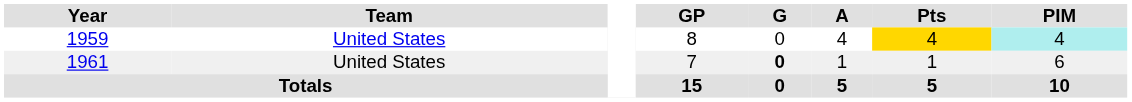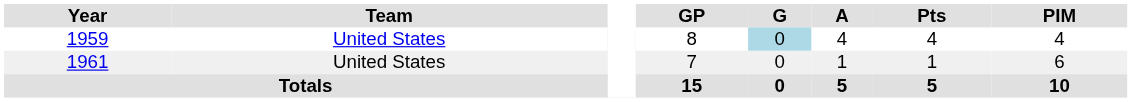 <table border="0" cellpadding="1" cellspacing="0" style="text-align:center; width:60em">
 <tr ALIGN="center" bgcolor="#e0e0e0">
 <th>Year</th>
 <th>Team</th>
 <th ALIGN="center" rowspan="99" bgcolor="#ffffff"> </th>
 <th>GP</th>
 <th>G</th>
 <th>A</th>
 <th>Pts</th>
 <th>PIM</th>
 </tr>
 <tr ALIGN="center">
 <td><a href='#'>1959</a></td>
 <td><a href='#'>United States</a></td>
 <td>8</td>
-<td>0</td>
+<td style="background: lightblue;">0</td>
 <td>4</td>
-<td style="background: gold;">4</td>
-<td style="background: paleturquoise;">4</td>
+<td>4</td>
+<td>4</td>
 </tr>
 <tr ALIGN="center" bgcolor="#f0f0f0">
 <td><a href='#'>1961</a></td>
 <td>United States</td>
 <td>7</td>
-<td><strong>0</strong></td>
+<td>0</td>
 <td>1</td>
 <td>1</td>
 <td>6</td>
 </tr>
 <tr ALIGN="center" bgcolor="#e0e0e0">
 <th colspan=2>Totals</th>
 <th>15</th>
 <th>0</th>
 <th>5</th>
 <th>5</th>
 <th>10</th>
 </tr>
 </table>
